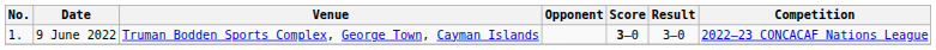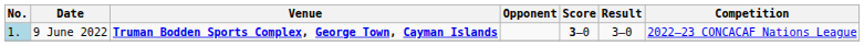 <table class="wikitable">
 <tr>
 <th>No.</th>
 <th>Date</th>
 <th>Venue</th>
 <th>Opponent</th>
 <th>Score</th>
 <th>Result</th>
 <th>Competition</th>
 </tr>
 <tr>
-<td>1.</td>
+<td style="background: lightblue;">1.</td>
 <td>9 June 2022</td>
-<td><a href='#'>Truman Bodden Sports Complex</a>, <a href='#'>George Town</a>, <a href='#'>Cayman Islands</a></td>
+<td><strong><a href='#'>Truman Bodden Sports Complex</a>, <a href='#'>George Town</a>, <a href='#'>Cayman Islands</a></strong></td>
 <td></td>
 <td align=center><strong>3</strong>–0</td>
 <td align=center>3–0</td>
 <td><a href='#'>2022–23 CONCACAF Nations League</a></td>
 </tr>
 <tr>
 </tr>
 </table>
